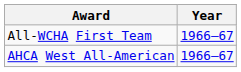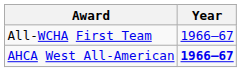 <table class="wikitable">
 <tr>
 <th>Award</th>
 <th>Year</th>
 </tr>
 <tr>
 <td>All-<a href='#'>WCHA</a> <a href='#'>First Team</a></td>
 <td><a href='#'>1966–67</a></td>
 </tr>
 <tr>
 <td><a href='#'>AHCA</a> <a href='#'>West All-American</a></td>
-<td><a href='#'>1966–67</a></td>
+<td><strong><a href='#'>1966–67</a></strong></td>
 </tr>
 </table>
